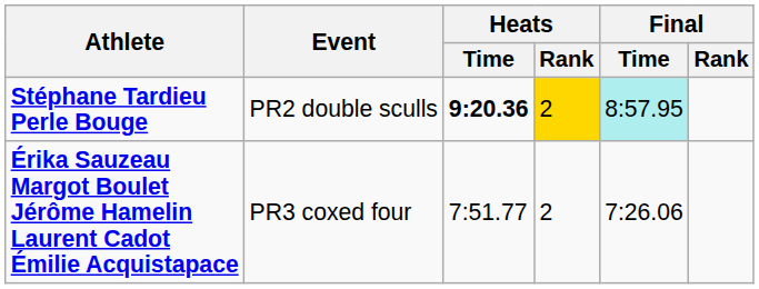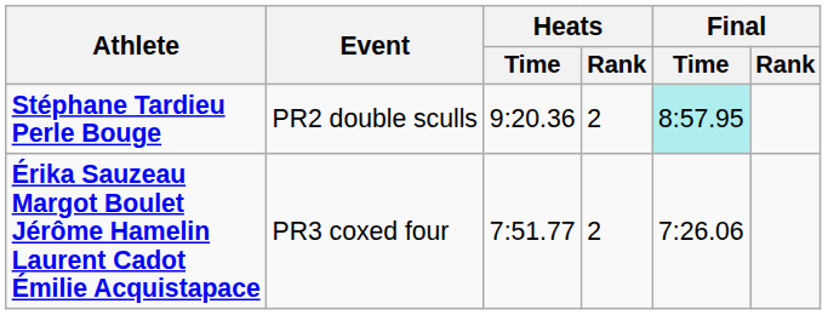 <table class="wikitable" style="font-size:90%">
 <tr>
 <th rowspan="2">Athlete</th>
 <th rowspan="2">Event</th>
 <th colspan="2">Heats</th>
 <th colspan="2">Final</th>
 </tr>
 <tr style="font-size:95%">
 <th>Time</th>
 <th>Rank</th>
 <th>Time</th>
 <th>Rank</th>
 </tr>
 <tr>
 <td align=left><strong><a href='#'>Stéphane Tardieu</a><br><a href='#'>Perle Bouge</a></strong></td>
 <td align=left>PR2 double sculls</td>
-<td><strong>9:20.36</strong></td>
-<td style="background: gold;">2</td>
+<td>9:20.36</td>
+<td>2</td>
 <td style="background: paleturquoise;">8:57.95</td>
 <td></td>
 </tr>
 <tr>
 <td align=left><strong><a href='#'>Érika Sauzeau</a><br><a href='#'>Margot Boulet</a><br><a href='#'>Jérôme Hamelin</a><br><a href='#'>Laurent Cadot</a><br><a href='#'>Émilie Acquistapace</a></strong></td>
 <td align=left>PR3 coxed four</td>
 <td>7:51.77</td>
 <td>2</td>
 <td>7:26.06</td>
 <td></td>
 </tr>
 </table>
